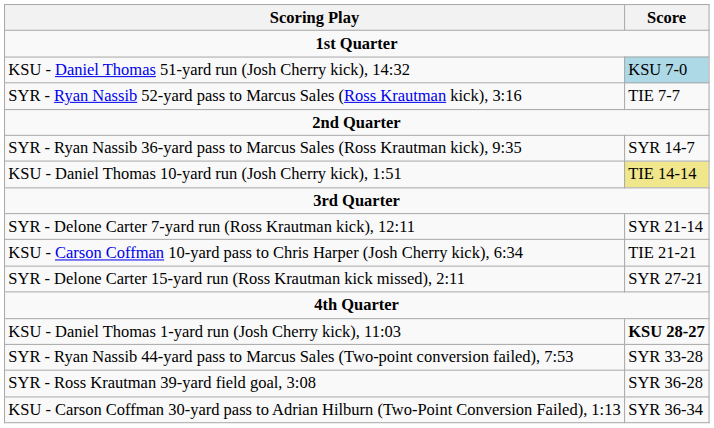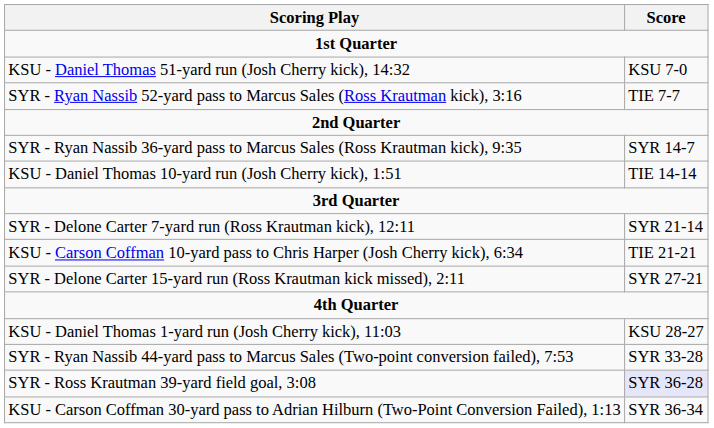 <table class="wikitable">
 <tr>
 <th>Scoring Play</th>
 <th>Score</th>
 </tr>
 <tr>
 <td colspan="4" style="text-align:center;"><strong>1st Quarter</strong></td>
 </tr>
 <tr>
 <td>KSU - <a href='#'>Daniel Thomas</a> 51-yard run (Josh Cherry kick), 14:32</td>
-<td style="background: lightblue;">KSU 7-0</td>
+<td>KSU 7-0</td>
 </tr>
 <tr>
 <td>SYR - <a href='#'>Ryan Nassib</a> 52-yard pass to Marcus Sales (<a href='#'>Ross Krautman</a> kick), 3:16</td>
 <td>TIE 7-7</td>
 </tr>
 <tr>
 <td colspan="4" style="text-align:center;"><strong>2nd Quarter</strong></td>
 </tr>
 <tr>
 <td>SYR - Ryan Nassib 36-yard pass to Marcus Sales (Ross Krautman kick), 9:35</td>
 <td>SYR 14-7</td>
 </tr>
 <tr>
 <td>KSU - Daniel Thomas 10-yard run (Josh Cherry kick), 1:51</td>
-<td style="background: khaki;">TIE 14-14</td>
+<td>TIE 14-14</td>
 </tr>
 <tr>
 <td colspan="4" style="text-align:center;"><strong>3rd Quarter</strong></td>
 </tr>
 <tr>
 <td>SYR - Delone Carter 7-yard run (Ross Krautman kick), 12:11</td>
 <td>SYR 21-14</td>
 </tr>
 <tr>
 <td>KSU - <a href='#'>Carson Coffman</a> 10-yard pass to Chris Harper (Josh Cherry kick), 6:34</td>
 <td>TIE 21-21</td>
 </tr>
 <tr>
 <td>SYR - Delone Carter 15-yard run (Ross Krautman kick missed), 2:11</td>
 <td>SYR 27-21</td>
 </tr>
 <tr>
 <td colspan="4" style="text-align:center;"><strong>4th Quarter</strong></td>
 </tr>
 <tr>
 <td>KSU - Daniel Thomas 1-yard run (Josh Cherry kick), 11:03</td>
-<td><strong>KSU 28-27</strong></td>
+<td>KSU 28-27</td>
 </tr>
 <tr>
 <td>SYR - Ryan Nassib 44-yard pass to Marcus Sales (Two-point conversion failed), 7:53</td>
 <td>SYR 33-28</td>
 </tr>
 <tr>
 <td>SYR - Ross Krautman 39-yard field goal, 3:08</td>
-<td>SYR 36-28</td>
+<td style="background: lavender;">SYR 36-28</td>
 </tr>
 <tr>
 <td>KSU - Carson Coffman 30-yard pass to Adrian Hilburn  (Two-Point Conversion Failed), 1:13</td>
 <td>SYR 36-34</td>
 </tr>
 </table>
